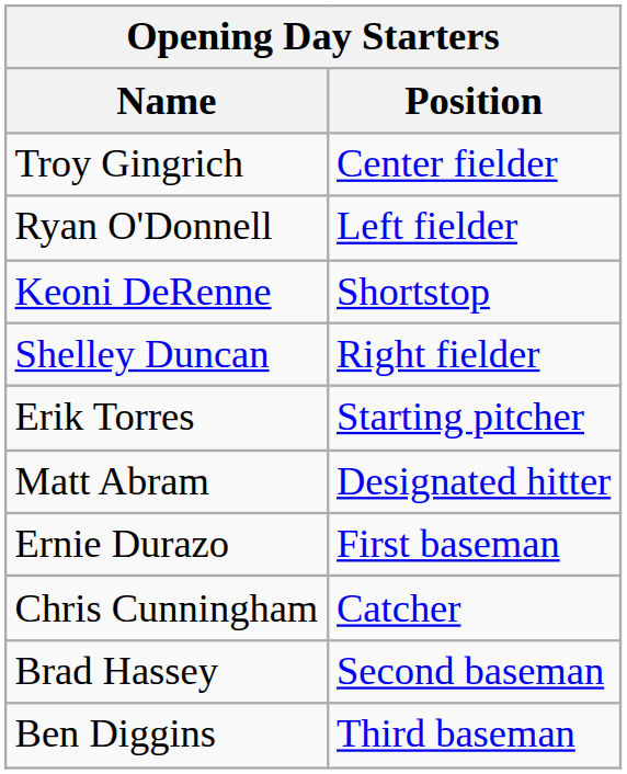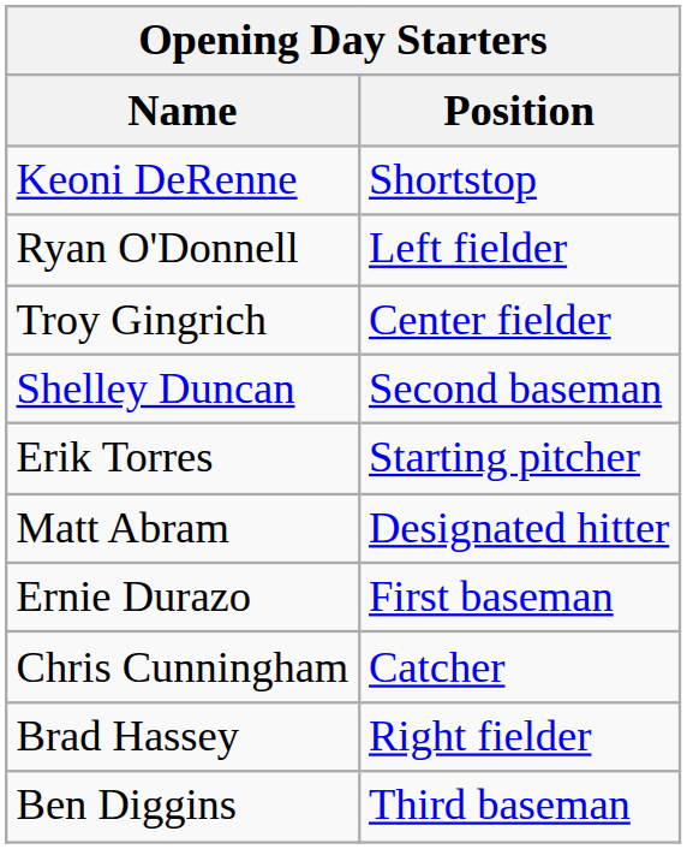 <table class="wikitable" style="text-align:left">
 <tr>
 <th colspan="2">Opening Day Starters</th>
 </tr>
 <tr>
 <th>Name</th>
 <th>Position</th>
 </tr>
 <tr>
-<td>Troy Gingrich</td>
-<td><a href='#'>Center fielder</a></td>
+<td><a href='#'>Keoni DeRenne</a></td>
+<td><a href='#'>Shortstop</a></td>
 </tr>
 <tr>
 <td>Ryan O'Donnell</td>
 <td><a href='#'>Left fielder</a></td>
 </tr>
 <tr>
-<td><a href='#'>Keoni DeRenne</a></td>
-<td><a href='#'>Shortstop</a></td>
+<td>Troy Gingrich</td>
+<td><a href='#'>Center fielder</a></td>
 </tr>
 <tr>
 <td><a href='#'>Shelley Duncan</a></td>
-<td><a href='#'>Right fielder</a></td>
+<td><a href='#'>Second baseman</a></td>
 </tr>
 <tr>
 <td>Erik Torres</td>
 <td><a href='#'>Starting pitcher</a></td>
 </tr>
 <tr>
 <td>Matt Abram</td>
 <td><a href='#'>Designated hitter</a></td>
 </tr>
 <tr>
 <td>Ernie Durazo</td>
 <td><a href='#'>First baseman</a></td>
 </tr>
 <tr>
 <td>Chris Cunningham</td>
 <td><a href='#'>Catcher</a></td>
 </tr>
 <tr>
 <td>Brad Hassey</td>
-<td><a href='#'>Second baseman</a></td>
+<td><a href='#'>Right fielder</a></td>
 </tr>
 <tr>
 <td>Ben Diggins</td>
 <td><a href='#'>Third baseman</a></td>
 </tr>
 </table>
